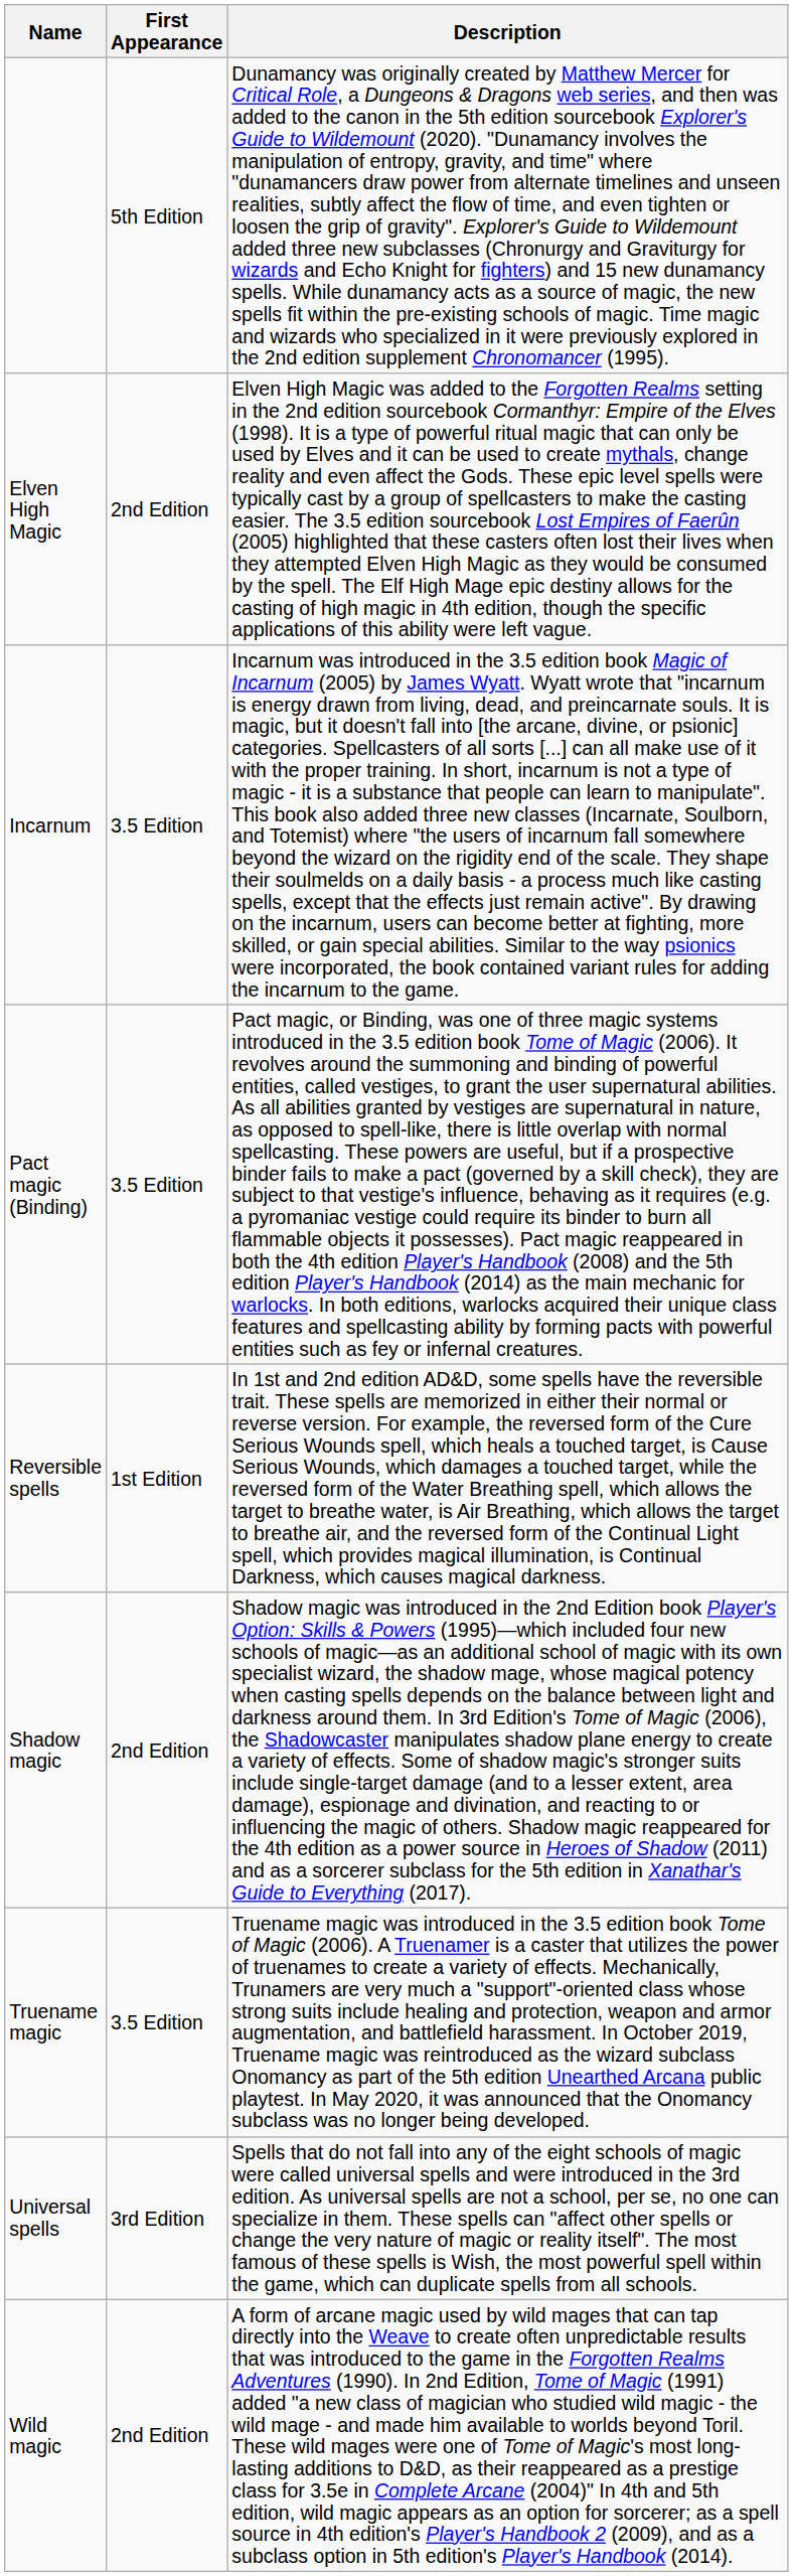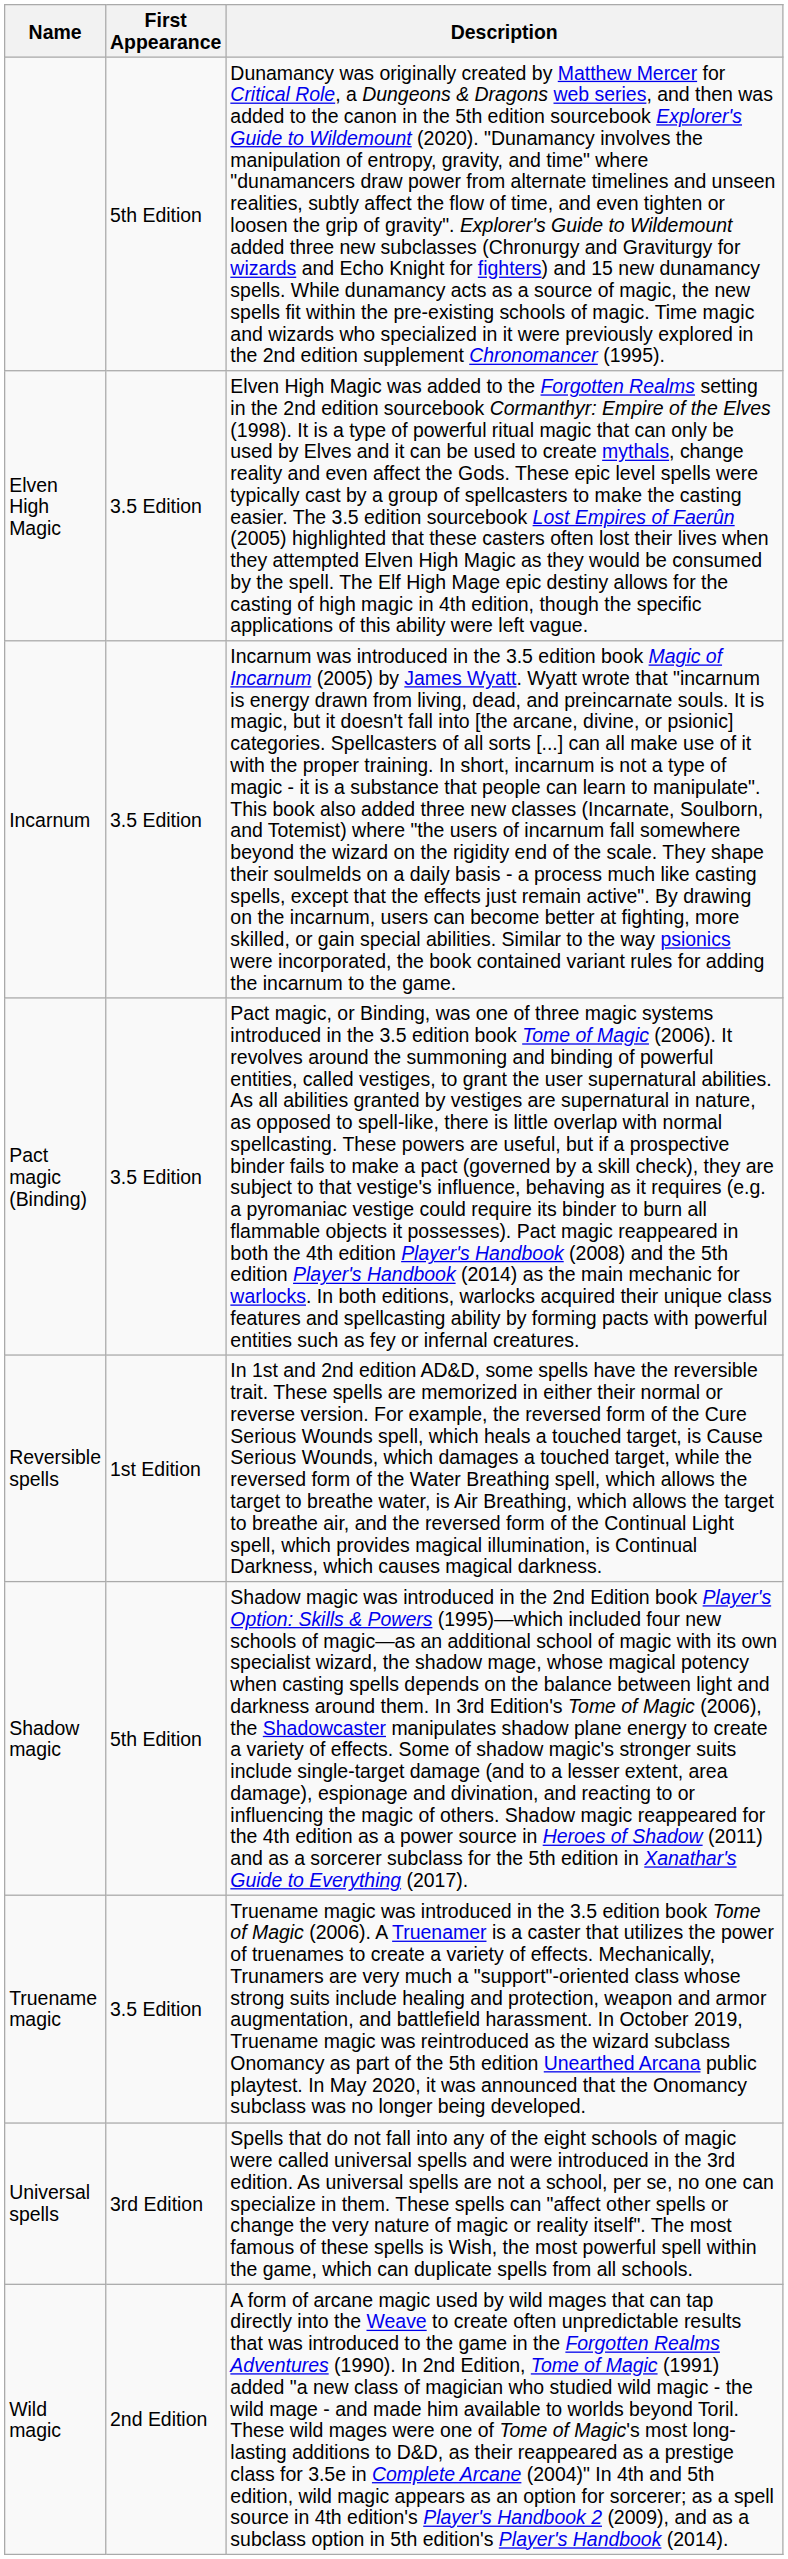 <table class="wikitable sortable" style="margins:auto; width=95%; font-size: 95%;">
 <tr>
 <th width="10%">Name</th>
 <th>First Appearance</th>
 <th width="90%">Description</th>
 </tr>
 <tr>
 <td></td>
 <td>5th Edition</td>
 <td>Dunamancy was originally created by <a href='#'>Matthew Mercer</a> for <em><a href='#'>Critical Role</a></em>, a <em>Dungeons & Dragons</em> <a href='#'>web series</a>, and then was added to the canon in the 5th edition sourcebook <em><a href='#'>Explorer's Guide to Wildemount</a></em> (2020). "Dunamancy involves the manipulation of entropy, gravity, and time" where "dunamancers draw power from alternate timelines and unseen realities, subtly affect the flow of time, and even tighten or loosen the grip of gravity". <em>Explorer's Guide to Wildemount</em> added three new subclasses (Chronurgy and Graviturgy for <a href='#'>wizards</a> and Echo Knight for <a href='#'>fighters</a>) and 15 new dunamancy spells. While dunamancy acts as a source of magic, the new spells fit within the pre-existing schools of magic. Time magic and wizards who specialized in it were previously explored in the 2nd edition supplement <em><a href='#'>Chronomancer</a></em> (1995).</td>
 </tr>
 <tr>
 <td>Elven High Magic</td>
-<td>2nd Edition</td>
+<td>3.5 Edition</td>
 <td>Elven High Magic was added to the <em><a href='#'>Forgotten Realms</a></em> setting in the 2nd edition sourcebook <em>Cormanthyr: Empire of the Elves</em> (1998). It is a type of powerful ritual magic that can only be used by Elves and it can be used to create <a href='#'>mythals</a>, change reality and even affect the Gods. These epic level spells were typically cast by a group of spellcasters to make the casting easier.  The 3.5 edition sourcebook <em><a href='#'>Lost Empires of Faerûn</a></em> (2005) highlighted that these casters often lost their lives when they attempted Elven High Magic as they would be consumed by the spell. The Elf High Mage epic destiny allows for the casting of high magic in 4th edition, though the specific applications of this ability were left vague.</td>
 </tr>
 <tr>
 <td>Incarnum</td>
 <td>3.5 Edition</td>
 <td>Incarnum was introduced in the 3.5 edition book <em><a href='#'>Magic of Incarnum</a></em> (2005) by <a href='#'>James Wyatt</a>. Wyatt wrote that "incarnum is energy drawn from living, dead, and preincarnate souls. It is magic, but it doesn't fall into [the arcane, divine, or psionic] categories. Spellcasters of all sorts [...] can all make use of it with the proper training. In short, incarnum is not a type of magic - it is a substance that people can learn to manipulate". This book also added three new classes (Incarnate, Soulborn, and Totemist) where "the users of incarnum fall somewhere beyond the wizard on the rigidity end of the scale. They shape their soulmelds on a daily basis - a process much like casting spells, except that the effects just remain active". By drawing on the incarnum, users can become better at fighting, more skilled, or gain special abilities. Similar to the way <a href='#'>psionics</a> were incorporated, the book contained variant rules for adding the incarnum to the game.</td>
 </tr>
 <tr>
 <td>Pact magic (Binding)</td>
 <td>3.5 Edition</td>
 <td>Pact magic, or Binding, was one of three magic systems introduced in the 3.5 edition book <em><a href='#'>Tome of Magic</a></em> (2006). It revolves around the summoning and binding of powerful entities, called vestiges, to grant the user supernatural abilities. As all abilities granted by vestiges are supernatural in nature, as opposed to spell-like, there is little overlap with normal spellcasting. These powers are useful, but if a prospective binder fails to make a pact (governed by a skill check), they are subject to that vestige's influence, behaving as it requires (e.g. a pyromaniac vestige could require its binder to burn all flammable objects it possesses). Pact magic reappeared in both the 4th edition <em><a href='#'>Player's Handbook</a></em> (2008) and the 5th edition <em><a href='#'>Player's Handbook</a></em> (2014) as the main mechanic for <a href='#'>warlocks</a>. In both editions, warlocks acquired their unique class features and spellcasting ability by forming pacts with powerful entities such as fey or infernal creatures.</td>
 </tr>
 <tr>
 <td>Reversible spells</td>
 <td>1st Edition</td>
 <td>In 1st and 2nd edition AD&D, some spells have the reversible trait. These spells are memorized in either their normal or reverse version. For example, the reversed form of the Cure Serious Wounds spell, which heals a touched target, is Cause Serious Wounds, which damages a touched target, while the reversed form of the Water Breathing spell, which allows the target to breathe water, is Air Breathing, which allows the target to breathe air, and the reversed form of the Continual Light spell, which provides magical illumination, is Continual Darkness, which causes magical darkness.</td>
 </tr>
 <tr>
 <td>Shadow magic</td>
-<td>2nd Edition</td>
+<td>5th Edition</td>
 <td>Shadow magic was introduced in the 2nd Edition book <em><a href='#'>Player's Option: Skills & Powers</a></em> (1995)—which included four new schools of magic—as an additional school of magic with its own specialist wizard, the shadow mage, whose magical potency when casting spells depends on the balance between light and darkness around them. In 3rd Edition's <em>Tome of Magic</em> (2006), the <a href='#'>Shadowcaster</a> manipulates shadow plane energy to create a variety of effects. Some of shadow magic's stronger suits include single-target damage (and to a lesser extent, area damage), espionage and divination, and reacting to or influencing the magic of others. Shadow magic reappeared for the 4th edition as a power source in <em><a href='#'>Heroes of Shadow</a></em> (2011) and as a sorcerer subclass for the 5th edition in <em><a href='#'>Xanathar's Guide to Everything</a></em> (2017).</td>
 </tr>
 <tr>
 <td>Truename magic</td>
 <td>3.5 Edition</td>
 <td>Truename magic was introduced in the 3.5 edition book <em>Tome of Magic</em> (2006). A <a href='#'>Truenamer</a> is a caster that utilizes the power of truenames to create a variety of effects. Mechanically, Trunamers are very much a "support"-oriented class whose strong suits include healing and protection, weapon and armor augmentation, and battlefield harassment. In October 2019, Truename magic was reintroduced as the wizard subclass Onomancy as part of the 5th edition <a href='#'>Unearthed Arcana</a> public playtest. In May 2020, it was announced that the Onomancy subclass was no longer being developed.</td>
 </tr>
 <tr>
 <td>Universal spells</td>
 <td>3rd Edition</td>
 <td>Spells that do not fall into any of the eight schools of magic were called universal spells and were introduced in the 3rd edition. As universal spells are not a school, per se, no one can specialize in them. These spells can "affect other spells or change the very nature of magic or reality itself". The most famous of these spells is Wish, the most powerful spell within the game, which can duplicate spells from all schools.</td>
 </tr>
 <tr>
 <td>Wild magic</td>
 <td>2nd Edition</td>
 <td>A form of arcane magic used by wild mages that can tap directly into the <a href='#'>Weave</a> to create often unpredictable results that was introduced to the game in the <em><a href='#'>Forgotten Realms Adventures</a></em> (1990). In 2nd Edition, <em><a href='#'>Tome of Magic</a></em> (1991) added "a new class of magician who studied wild magic - the wild mage - and made him available to worlds beyond Toril. These wild mages were one of <em>Tome of Magic</em>'s most long-lasting additions to D&D, as their reappeared as a prestige class for 3.5e in <em><a href='#'>Complete Arcane</a></em> (2004)" In 4th and 5th edition, wild magic appears as an option for sorcerer; as a spell source in 4th edition's <em><a href='#'>Player's Handbook 2</a></em> (2009), and as a subclass option in 5th edition's <em><a href='#'>Player's Handbook</a></em> (2014).</td>
 </tr>
 </table>
